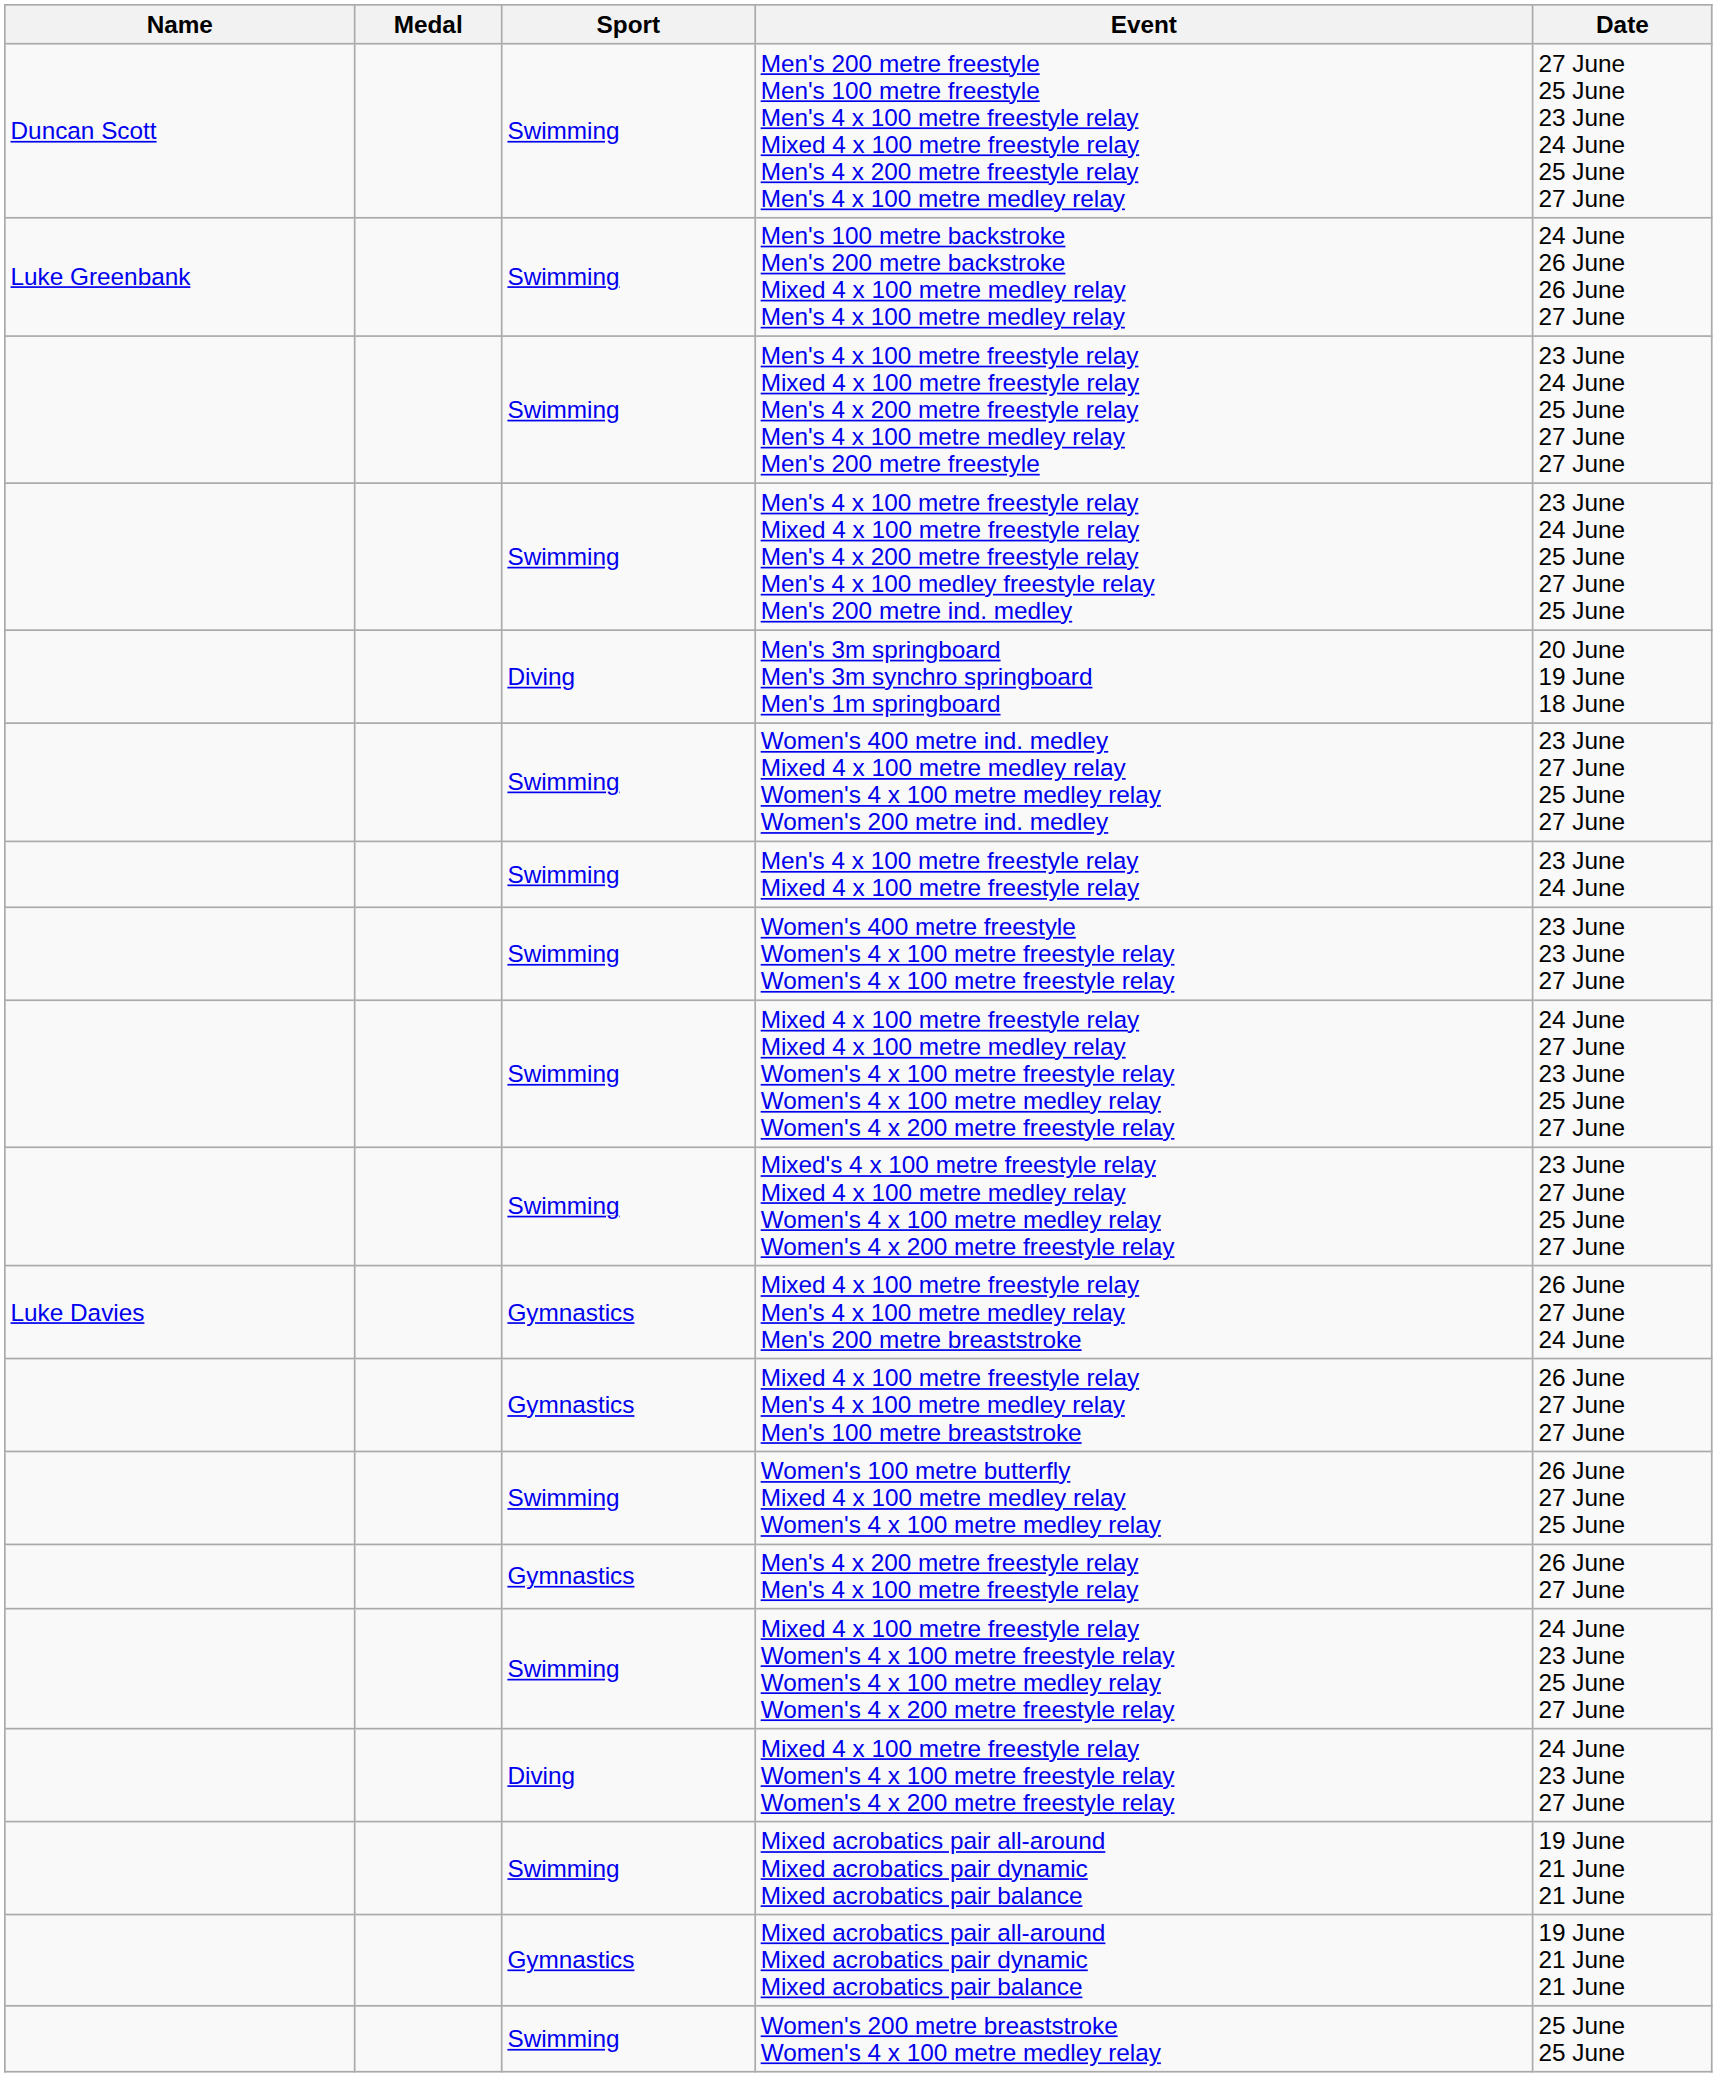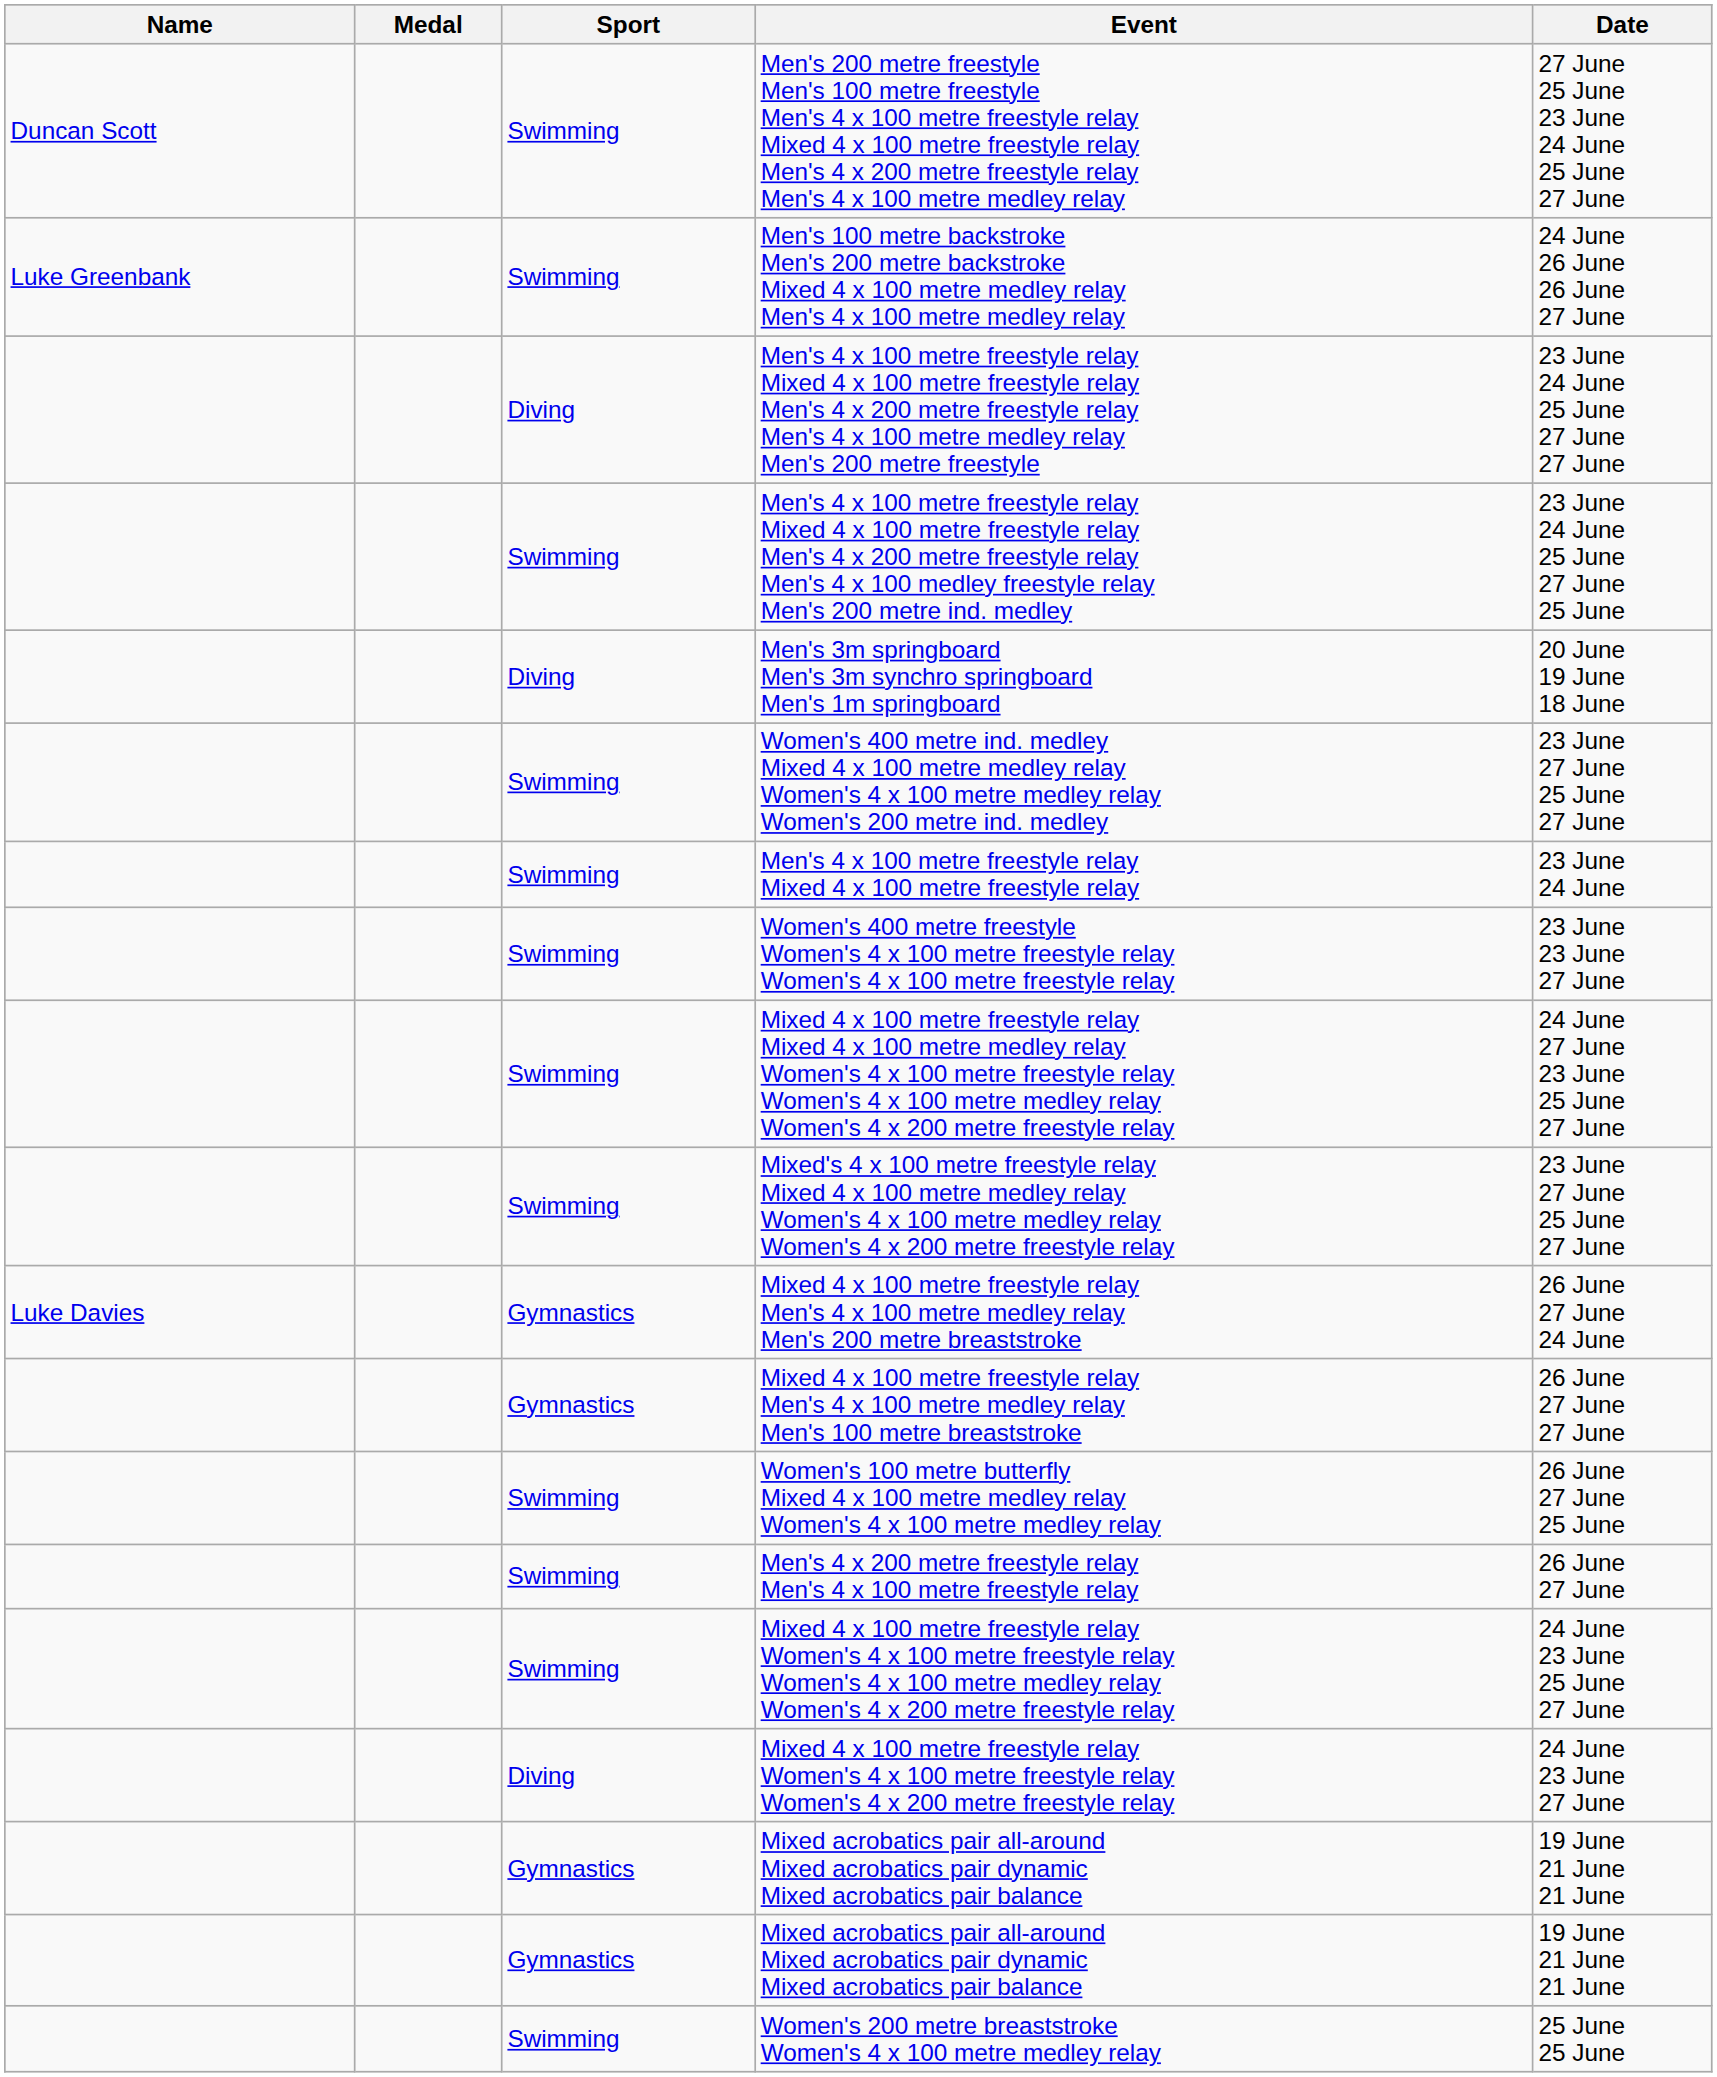 <table class="wikitable sortable" style="font-size:90%" width="80%">
 <tr>
 <th>Name</th>
 <th>Medal</th>
 <th>Sport</th>
 <th>Event</th>
 <th>Date</th>
 </tr>
 <tr>
 <td><a href='#'>Duncan Scott</a></td>
 <td><br><br><br><br><br></td>
 <td><a href='#'>Swimming</a></td>
 <td><a href='#'>Men's 200 metre freestyle</a><br> <a href='#'>Men's 100 metre freestyle</a><br> <a href='#'>Men's 4 x 100 metre freestyle relay</a><br>  <a href='#'>Mixed 4 x 100 metre freestyle relay</a><br>  <a href='#'>Men's 4 x 200 metre freestyle relay</a><br>  <a href='#'>Men's 4 x 100 metre medley relay</a></td>
 <td>27 June<br>25 June<br>23 June<br>24 June<br>25 June<br>27 June</td>
 </tr>
 <tr>
 <td><a href='#'>Luke Greenbank</a></td>
 <td><br><br><br></td>
 <td><a href='#'>Swimming</a></td>
 <td><a href='#'>Men's 100 metre backstroke</a><br> <a href='#'>Men's 200 metre backstroke</a> <br><a href='#'>Mixed 4 x 100 metre medley relay</a><br><a href='#'>Men's 4 x 100 metre medley relay</a></td>
 <td>24 June<br>26 June<br>26 June<br>27 June</td>
 </tr>
 <tr>
 <td></td>
 <td><br><br><br><br></td>
-<td><a href='#'>Swimming</a></td>
+<td><a href='#'>Diving</a></td>
 <td><a href='#'>Men's 4 x 100 metre freestyle relay</a><br>  <a href='#'>Mixed 4 x 100 metre freestyle relay</a><br><a href='#'>Men's 4 x 200 metre freestyle relay</a><br><a href='#'>Men's 4 x 100 metre medley relay</a><br><a href='#'>Men's 200 metre freestyle</a></td>
 <td>23 June<br>24 June<br>25 June<br>27 June<br>27 June</td>
 </tr>
 <tr>
 <td></td>
 <td><br><br><br><br></td>
 <td><a href='#'>Swimming</a></td>
 <td><a href='#'>Men's 4 x 100 metre freestyle relay</a><br>  <a href='#'>Mixed 4 x 100 metre freestyle relay</a><br><a href='#'>Men's 4 x 200 metre freestyle relay</a><br><a href='#'>Men's 4 x 100 medley freestyle relay</a><br> <a href='#'>Men's 200 metre ind. medley</a></td>
 <td>23 June<br>24 June<br>25 June<br>27 June<br>25 June</td>
 </tr>
 <tr>
 <td></td>
 <td><br><br></td>
 <td><a href='#'>Diving</a></td>
 <td><a href='#'>Men's 3m springboard</a><br><a href='#'>Men's 3m synchro springboard</a><br><a href='#'>Men's 1m springboard</a></td>
 <td>20 June<br>19 June<br>18 June</td>
 </tr>
 <tr>
 <td></td>
 <td><br><br><br></td>
 <td><a href='#'>Swimming</a></td>
 <td><a href='#'>Women's 400 metre ind. medley</a><br><a href='#'>Mixed 4 x 100 metre medley relay</a><br>  <a href='#'>Women's 4 x 100 metre medley relay</a><br><a href='#'>Women's 200 metre ind. medley</a></td>
 <td>23 June<br>27 June <br>25 June<br>27 June</td>
 </tr>
 <tr>
 <td></td>
 <td><br></td>
 <td><a href='#'>Swimming</a></td>
 <td><a href='#'>Men's 4 x 100 metre freestyle relay</a><br>  <a href='#'>Mixed 4 x 100 metre freestyle relay</a></td>
 <td>23 June<br>24 June</td>
 </tr>
 <tr>
 <td></td>
 <td><br><br></td>
 <td><a href='#'>Swimming</a></td>
 <td><a href='#'>Women's 400 metre freestyle</a><br>  <a href='#'>Women's 4 x 100 metre freestyle relay</a><br>  <a href='#'>Women's 4 x 100 metre freestyle relay</a></td>
 <td>23 June<br>23 June<br>27 June</td>
 </tr>
 <tr>
 <td></td>
 <td><br><br><br><br></td>
 <td><a href='#'>Swimming</a></td>
 <td><a href='#'>Mixed 4 x 100 metre freestyle relay</a><br><a href='#'>Mixed 4 x 100 metre medley relay</a><br><a href='#'>Women's 4 x 100 metre freestyle relay</a><br><a href='#'>Women's 4 x 100 metre medley relay</a><br><a href='#'>Women's 4 x 200 metre freestyle relay</a></td>
 <td>24 June<br>27 June<br>23 June<br>25 June<br>27 June</td>
 </tr>
 <tr>
 <td></td>
 <td><br><br><br></td>
 <td><a href='#'>Swimming</a></td>
 <td><a href='#'>Mixed's 4 x 100 metre freestyle relay</a><br><a href='#'>Mixed 4 x 100 metre medley relay</a><br> <a href='#'>Women's 4 x 100 metre medley relay</a> <br><a href='#'>Women's 4 x 200 metre freestyle relay</a></td>
 <td>23 June<br>27 June<br> 25 June<br>27 June</td>
 </tr>
 <tr>
 <td><a href='#'>Luke Davies</a></td>
 <td><br><br></td>
 <td><a href='#'>Gymnastics</a></td>
 <td><a href='#'>Mixed 4 x 100 metre freestyle relay</a><br><a href='#'>Men's 4 x 100 metre medley relay</a><br><a href='#'>Men's 200 metre breaststroke</a></td>
 <td>26 June<br>27 June<br>24 June</td>
 </tr>
 <tr>
 <td></td>
 <td><br><br></td>
 <td><a href='#'>Gymnastics</a></td>
 <td><a href='#'>Mixed 4 x 100 metre freestyle relay</a><br><a href='#'>Men's 4 x 100 metre medley relay</a><br><a href='#'>Men's 100 metre breaststroke</a></td>
 <td>26 June<br>27 June<br>27 June</td>
 </tr>
 <tr>
 <td></td>
 <td><br><br></td>
 <td><a href='#'>Swimming</a></td>
 <td><a href='#'>Women's 100 metre butterfly</a><br><a href='#'>Mixed 4 x 100 metre medley relay</a><br> <a href='#'>Women's 4 x 100 metre medley relay</a></td>
 <td>26 June<br> 27 June<br>25 June</td>
 </tr>
 <tr>
 <td></td>
 <td><br></td>
-<td><a href='#'>Gymnastics</a></td>
+<td><a href='#'>Swimming</a></td>
 <td><a href='#'>Men's 4 x 200 metre freestyle relay</a><br><a href='#'>Men's 4 x 100 metre freestyle relay</a></td>
 <td>26 June<br>27 June</td>
 </tr>
 <tr>
 <td></td>
 <td><br><br><br></td>
 <td><a href='#'>Swimming</a></td>
 <td><a href='#'>Mixed 4 x 100 metre freestyle relay</a><br><a href='#'>Women's 4 x 100 metre freestyle relay</a><br><a href='#'>Women's 4 x 100 metre medley relay</a><br><a href='#'>Women's 4 x 200 metre freestyle relay</a></td>
 <td>24 June<br>23 June<br>25 June<br>27 June</td>
 </tr>
 <tr>
 <td></td>
 <td><br><br></td>
 <td><a href='#'>Diving</a></td>
 <td><a href='#'>Mixed 4 x 100 metre freestyle relay</a><br><a href='#'>Women's 4 x 100 metre freestyle relay</a><br><a href='#'>Women's 4 x 200 metre freestyle relay</a></td>
 <td>24 June<br>23 June<br>27 June</td>
 </tr>
 <tr>
 <td></td>
 <td><br><br></td>
-<td><a href='#'>Swimming</a></td>
+<td><a href='#'>Gymnastics</a></td>
 <td><a href='#'>Mixed acrobatics pair all-around</a><br><a href='#'>Mixed acrobatics pair dynamic</a> <br><a href='#'>Mixed acrobatics pair balance</a></td>
 <td>19 June<br>21 June<br>21 June</td>
 </tr>
 <tr>
 <td></td>
 <td><br><br></td>
 <td><a href='#'>Gymnastics</a></td>
 <td><a href='#'>Mixed acrobatics pair all-around</a><br><a href='#'>Mixed acrobatics pair dynamic</a> <br><a href='#'>Mixed acrobatics pair balance</a></td>
 <td>19 June<br>21 June<br>21 June</td>
 </tr>
 <tr>
 <td></td>
 <td><br></td>
 <td><a href='#'>Swimming</a></td>
 <td><a href='#'>Women's 200 metre breaststroke</a><br><a href='#'>Women's 4 x 100 metre medley relay</a></td>
 <td>25 June<br>25 June</td>
 </tr>
 </table>
